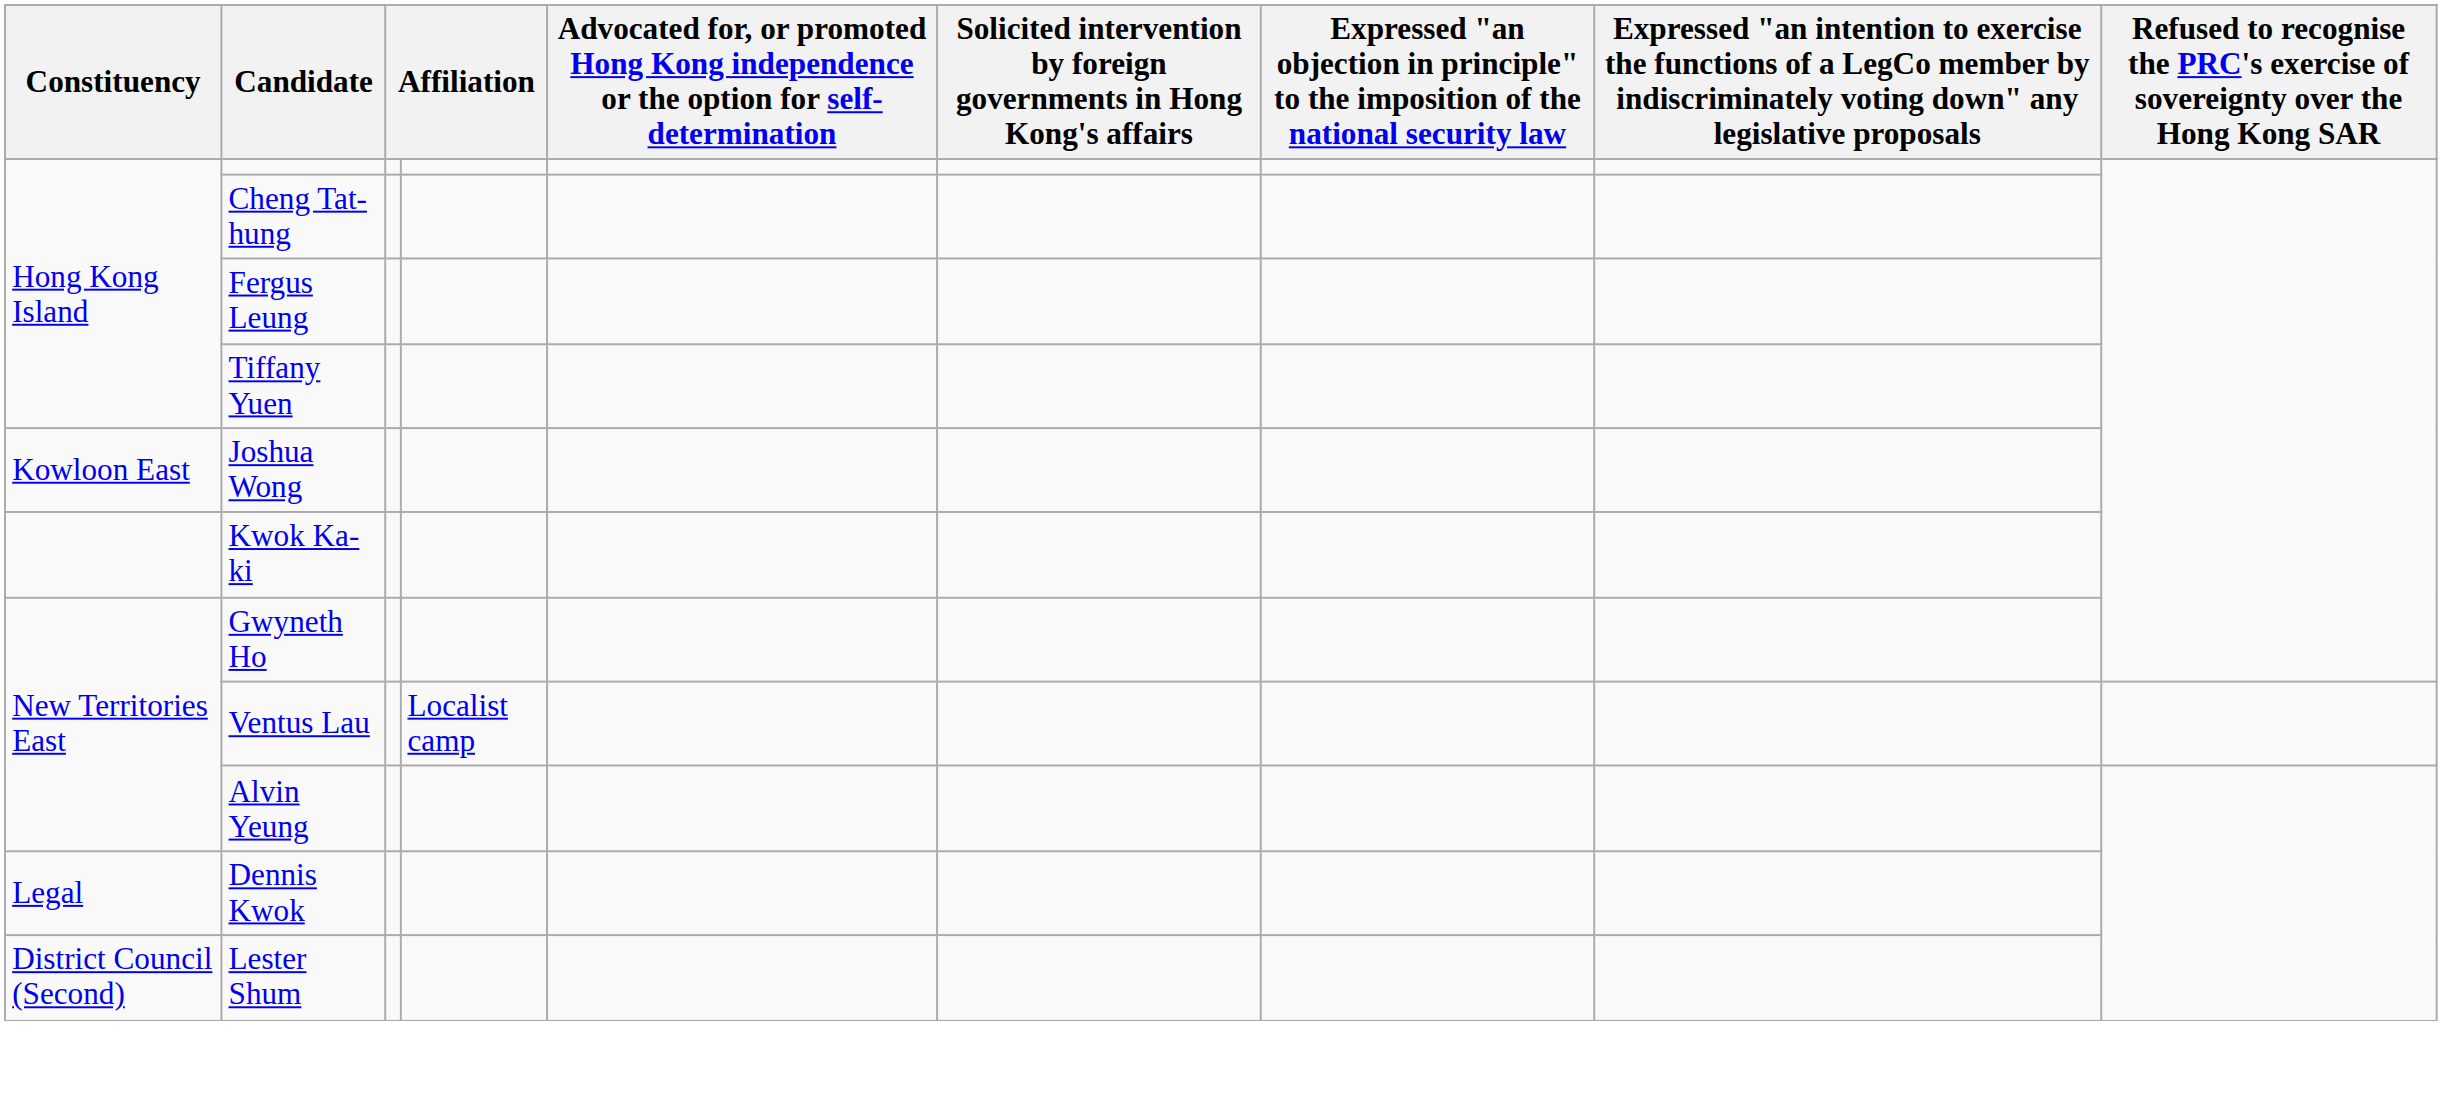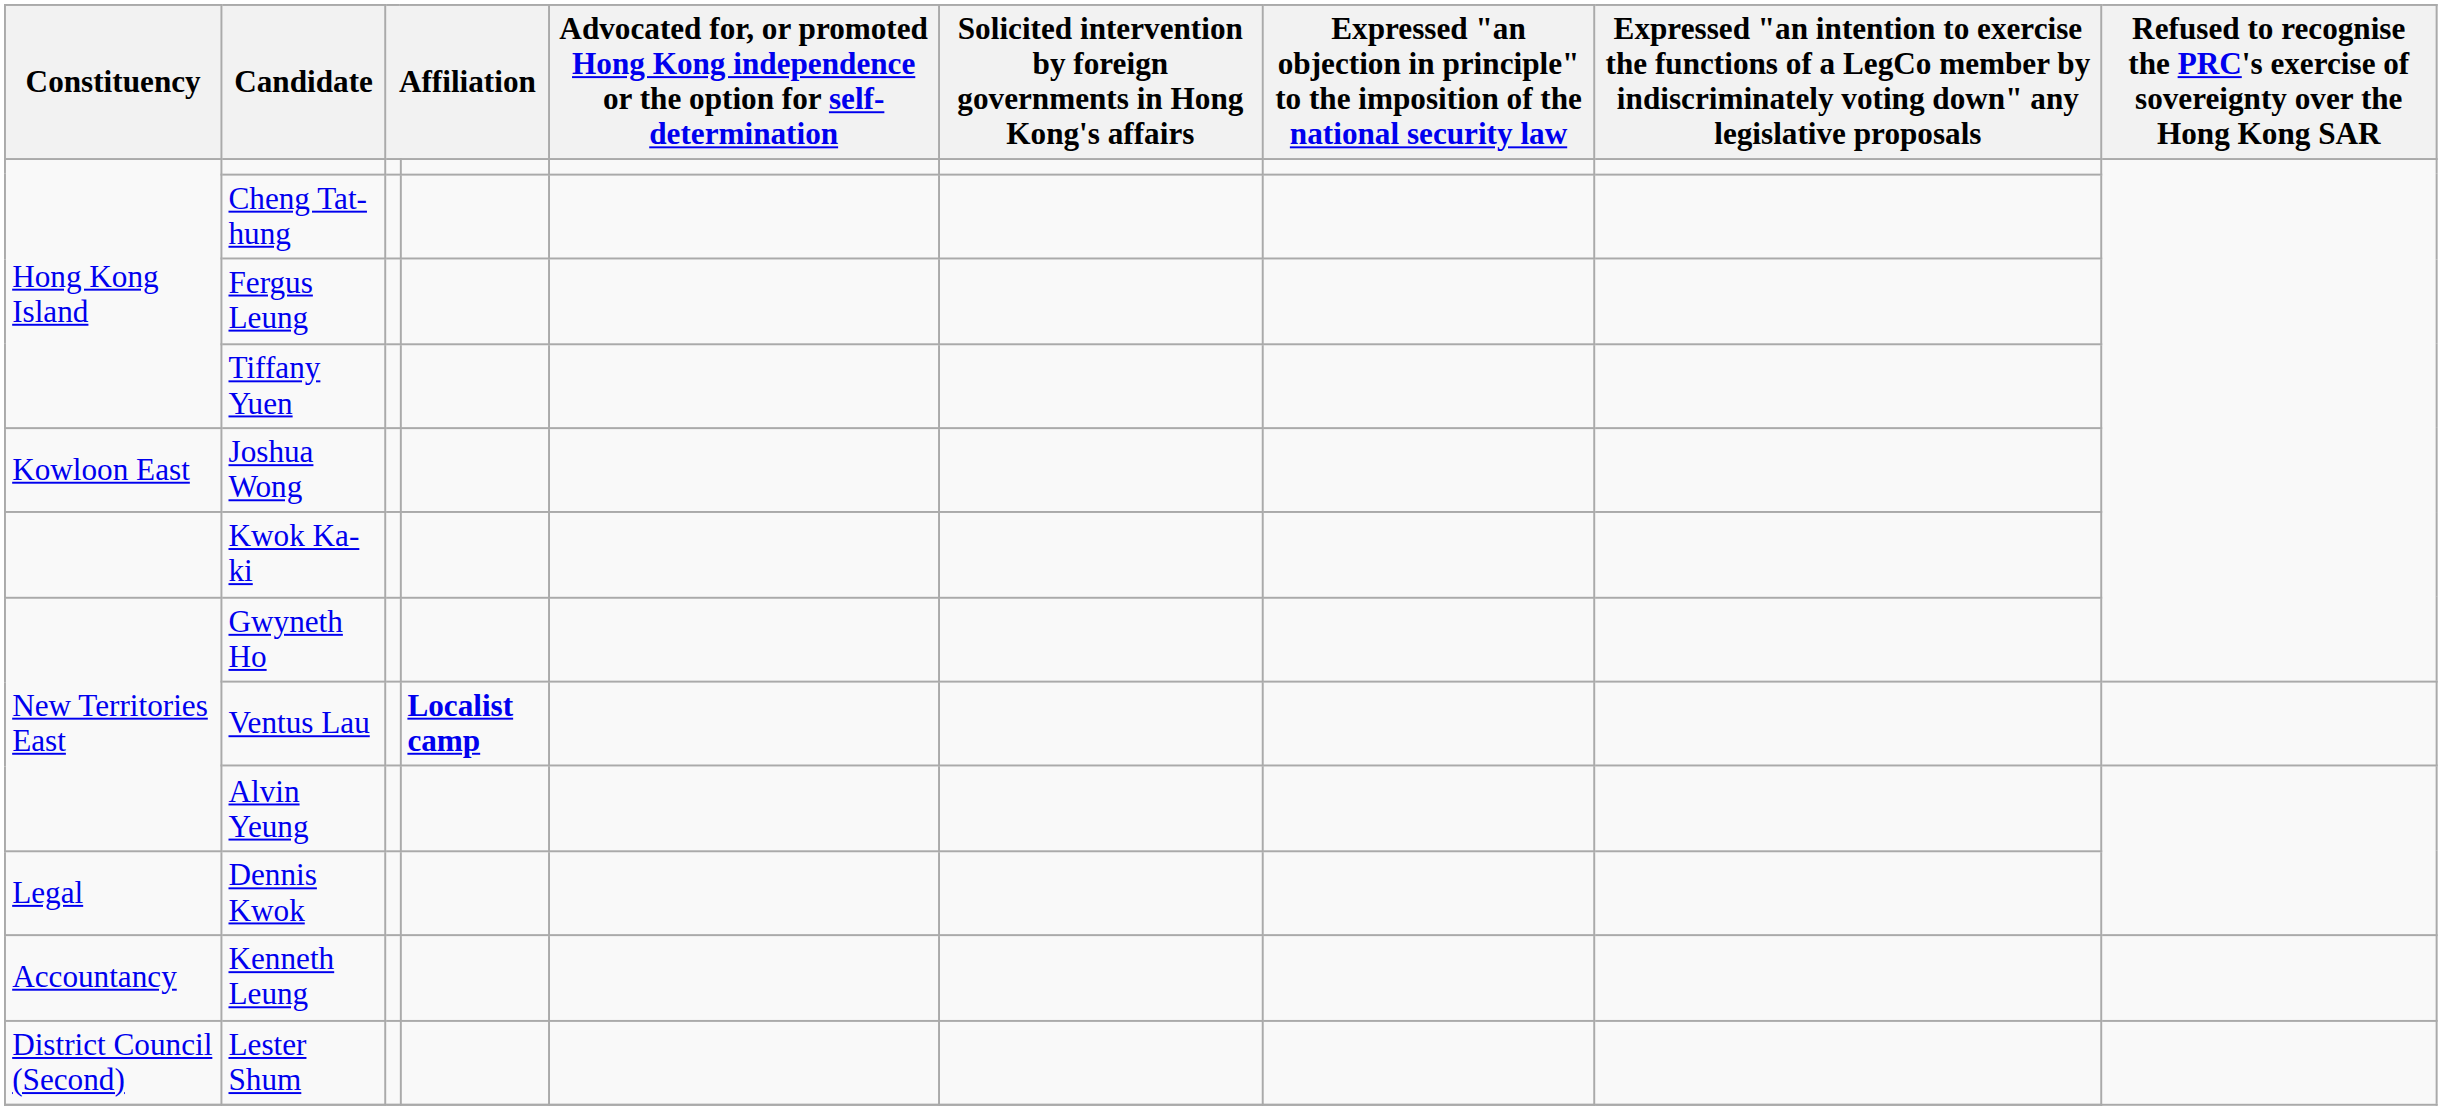 <table class="wikitable sortable">
 <tr>
 <th rowspan=1>Constituency</th>
 <th rowspan=1>Candidate</th>
 <th rowspan=1 colspan=2>Affiliation</th>
 <th>Advocated for, or promoted <a href='#'>Hong Kong independence</a> or the option for <a href='#'>self-determination</a></th>
 <th>Solicited intervention by foreign governments in Hong Kong's affairs</th>
 <th>Expressed "an objection in principle" to the imposition of the <a href='#'>national security law</a></th>
 <th>Expressed "an intention to exercise the functions of a LegCo member by indiscriminately voting down" any legislative proposals</th>
 <th>Refused to recognise the <a href='#'>PRC</a>'s exercise of sovereignty over the Hong Kong SAR</th>
 </tr>
 <tr>
 <td rowspan=4><a href='#'>Hong Kong Island</a></td>
 <td></td>
 <td></td>
 <td></td>
 <td></td>
 <td></td>
 <td></td>
 <td></td>
 </tr>
 <tr>
 <td><a href='#'>Cheng Tat-hung</a></td>
 <td></td>
 <td></td>
 <td></td>
 <td></td>
 <td></td>
 <td></td>
 </tr>
 <tr>
 <td><a href='#'>Fergus Leung</a></td>
 <td></td>
 <td></td>
 <td></td>
 <td></td>
 <td></td>
 <td></td>
 </tr>
 <tr>
 <td><a href='#'>Tiffany Yuen</a></td>
 <td></td>
 <td></td>
 <td></td>
 <td></td>
 <td></td>
 <td></td>
 </tr>
 <tr>
 <td rowspan=1><a href='#'>Kowloon East</a></td>
 <td><a href='#'>Joshua Wong</a></td>
 <td></td>
 <td></td>
 <td></td>
 <td></td>
 <td></td>
 <td></td>
 </tr>
 <tr>
 <td rowspan=1></td>
 <td><a href='#'>Kwok Ka-ki</a></td>
 <td></td>
 <td></td>
 <td></td>
 <td></td>
 <td></td>
 <td></td>
 </tr>
 <tr>
 <td rowspan=3><a href='#'>New Territories East</a></td>
 <td><a href='#'>Gwyneth Ho</a></td>
 <td></td>
 <td></td>
 <td></td>
 <td></td>
 <td></td>
 <td></td>
 </tr>
 <tr>
 <td><a href='#'>Ventus Lau</a></td>
 <td></td>
-<td><a href='#'>Localist camp</a></td>
+<td><strong><a href='#'>Localist camp</a></strong></td>
 <td></td>
 <td></td>
 <td></td>
 <td></td>
 <td></td>
 </tr>
 <tr>
 <td><a href='#'>Alvin Yeung</a></td>
 <td></td>
 <td></td>
 <td></td>
 <td></td>
 <td></td>
 <td></td>
 </tr>
 <tr>
 <td><a href='#'>Legal</a></td>
 <td><a href='#'>Dennis Kwok</a></td>
 <td></td>
 <td></td>
 <td></td>
 <td></td>
 <td></td>
 <td></td>
 </tr>
 <tr>
+<td><a href='#'>Accountancy</a></td>
+<td><a href='#'>Kenneth Leung</a></td>
+<td></td>
+<td></td>
+<td></td>
+<td></td>
+<td></td>
+<td></td>
+<td></td>
+</tr>
+<tr>
 <td rowspan=1><a href='#'>District Council (Second)</a></td>
 <td><a href='#'>Lester Shum</a></td>
 <td></td>
 <td></td>
 <td></td>
 <td></td>
 <td></td>
 <td></td>
 </tr>
 <tr>
 </tr>
 </table>
